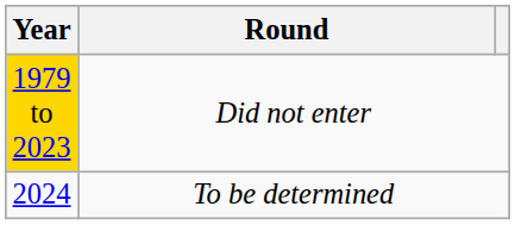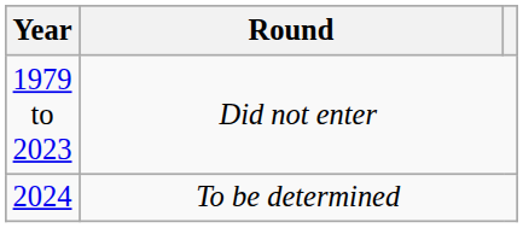 <table class="wikitable" style="text-align: center; font-size:90%">
 <tr>
 <th>Year</th>
 <th style="width:200px">Round</th>
 <th></th>
 </tr>
 <tr>
-<td style="background: gold;"><a href='#'>1979</a><br>to<br><a href='#'>2023</a></td>
+<td><a href='#'>1979</a><br>to<br><a href='#'>2023</a></td>
 <td colspan="2"><em>Did not enter</em></td>
 </tr>
 <tr>
 <td><a href='#'>2024</a></td>
 <td colspan="2"><em>To be determined</em></td>
 </tr>
 </table>
